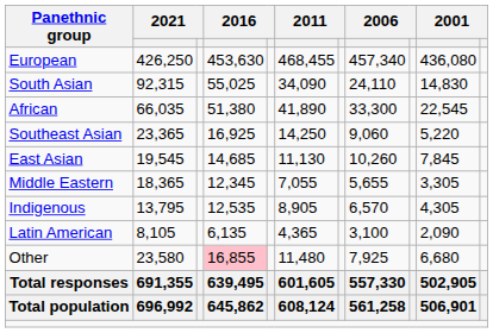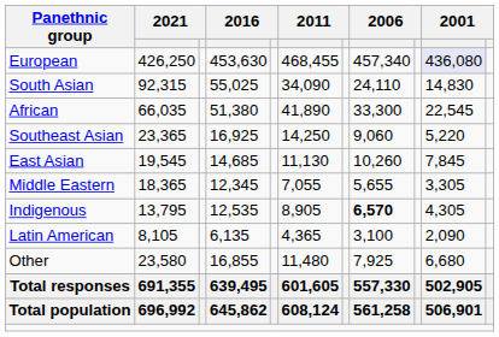 <table class="wikitable collapsible sortable">
 <tr>
 <th rowspan="2"><a href='#'>Panethnic</a><br>group</th>
 <th colspan="2">2021</th>
 <th colspan="2">2016</th>
 <th colspan="2">2011</th>
 <th colspan="2">2006</th>
 <th colspan="2">2001</th>
 </tr>
 <tr>
 <th><a href='#'></a></th>
 <th></th>
 <th></th>
 <th></th>
 <th></th>
 <th></th>
 <th></th>
 <th></th>
 <th></th>
 <th></th>
 </tr>
 <tr>
 <td><a href='#'>European</a></td>
 <td>426,250</td>
 <td></td>
 <td>453,630</td>
 <td></td>
 <td>468,455</td>
 <td></td>
 <td>457,340</td>
 <td></td>
-<td>436,080</td>
+<td style="background: lavender;">436,080</td>
 <td></td>
 </tr>
 <tr>
 <td><a href='#'>South Asian</a></td>
 <td>92,315</td>
 <td></td>
 <td>55,025</td>
 <td></td>
 <td>34,090</td>
 <td></td>
 <td>24,110</td>
 <td></td>
 <td>14,830</td>
 <td></td>
 </tr>
 <tr>
 <td><a href='#'>African</a></td>
 <td>66,035</td>
 <td></td>
 <td>51,380</td>
 <td></td>
 <td>41,890</td>
 <td></td>
 <td>33,300</td>
 <td></td>
 <td>22,545</td>
 <td></td>
 </tr>
 <tr>
 <td><a href='#'>Southeast Asian</a></td>
 <td>23,365</td>
 <td></td>
 <td>16,925</td>
 <td></td>
 <td>14,250</td>
 <td></td>
 <td>9,060</td>
 <td></td>
 <td>5,220</td>
 <td></td>
 </tr>
 <tr>
 <td><a href='#'>East Asian</a></td>
 <td>19,545</td>
 <td></td>
 <td>14,685</td>
 <td></td>
 <td>11,130</td>
 <td></td>
 <td>10,260</td>
 <td></td>
 <td>7,845</td>
 <td></td>
 </tr>
 <tr>
 <td><a href='#'>Middle Eastern</a></td>
 <td>18,365</td>
 <td></td>
 <td>12,345</td>
 <td></td>
 <td>7,055</td>
 <td></td>
 <td>5,655</td>
 <td></td>
 <td>3,305</td>
 <td></td>
 </tr>
 <tr>
 <td><a href='#'>Indigenous</a></td>
 <td>13,795</td>
 <td></td>
 <td>12,535</td>
 <td></td>
 <td>8,905</td>
 <td></td>
-<td>6,570</td>
+<td><strong>6,570</strong></td>
 <td></td>
 <td>4,305</td>
 <td></td>
 </tr>
 <tr>
 <td><a href='#'>Latin American</a></td>
 <td>8,105</td>
 <td></td>
 <td>6,135</td>
 <td></td>
 <td>4,365</td>
 <td></td>
 <td>3,100</td>
 <td></td>
 <td>2,090</td>
 <td></td>
 </tr>
 <tr>
 <td>Other</td>
 <td>23,580</td>
 <td></td>
-<td style="background: pink;">16,855</td>
+<td>16,855</td>
 <td></td>
 <td>11,480</td>
 <td></td>
 <td>7,925</td>
 <td></td>
 <td>6,680</td>
 <td></td>
 </tr>
 <tr>
 <th>Total responses</th>
 <th>691,355</th>
 <th></th>
 <th>639,495</th>
 <th></th>
 <th>601,605</th>
 <th></th>
 <th>557,330</th>
 <th></th>
 <th>502,905</th>
 <th></th>
 </tr>
 <tr>
 <th>Total population</th>
 <th>696,992</th>
 <th></th>
 <th>645,862</th>
 <th></th>
 <th>608,124</th>
 <th></th>
 <th>561,258</th>
 <th></th>
 <th>506,901</th>
 <th></th>
 </tr>
 <tr class="sortbottom">
 <td colspan="15"></td>
 </tr>
 </table>
